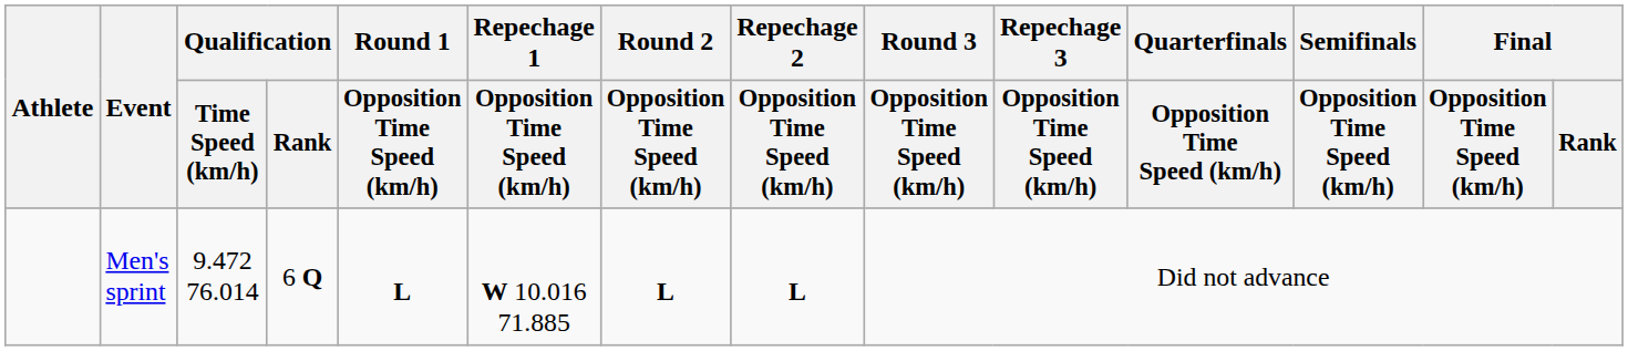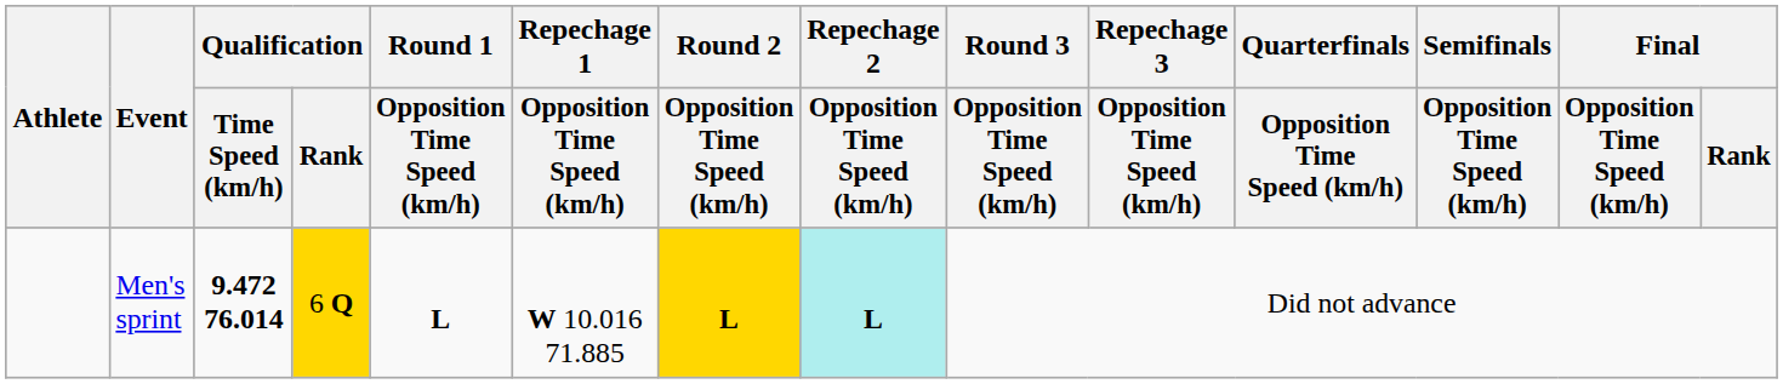 <table class="wikitable" style="font-size:90%">
 <tr>
 <th rowspan=2>Athlete</th>
 <th rowspan=2>Event</th>
 <th colspan=2>Qualification</th>
 <th>Round 1</th>
 <th>Repechage 1</th>
 <th>Round 2</th>
 <th>Repechage 2</th>
 <th>Round 3</th>
 <th>Repechage 3</th>
 <th>Quarterfinals</th>
 <th>Semifinals</th>
 <th colspan=2>Final</th>
 </tr>
 <tr style="font-size:95%">
 <th>Time<br>Speed (km/h)</th>
 <th>Rank</th>
 <th>Opposition<br>Time<br>Speed (km/h)</th>
 <th>Opposition<br>Time<br>Speed (km/h)</th>
 <th>Opposition<br>Time<br>Speed (km/h)</th>
 <th>Opposition<br>Time<br>Speed (km/h)</th>
 <th>Opposition<br>Time<br>Speed (km/h)</th>
 <th>Opposition<br>Time<br>Speed (km/h)</th>
 <th>Opposition<br>Time<br>Speed (km/h)</th>
 <th>Opposition<br>Time<br>Speed (km/h)</th>
 <th>Opposition<br>Time<br>Speed (km/h)</th>
 <th>Rank</th>
 </tr>
 <tr align=center>
 <td align=left></td>
 <td align=left><a href='#'>Men's sprint</a></td>
-<td>9.472<br>76.014</td>
-<td>6 <strong>Q</strong></td>
+<td><strong>9.472<br>76.014</strong></td>
+<td style="background: gold;">6 <strong>Q</strong></td>
 <td><br><strong>L</strong></td>
 <td><br><br><strong>W</strong> 10.016<br>71.885</td>
-<td><br><strong>L</strong></td>
-<td><br><strong>L</strong></td>
+<td style="background: gold;"><br><strong>L</strong></td>
+<td style="background: paleturquoise;"><br><strong>L</strong></td>
 <td colspan=6>Did not advance</td>
 </tr>
 </table>
